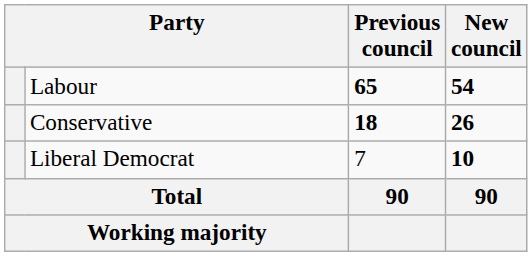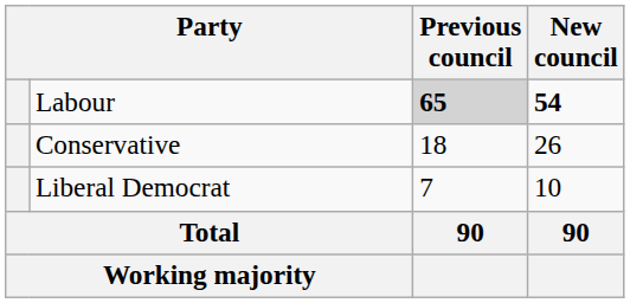 <table class="wikitable">
 <tr>
 <th valign=top colspan="2" style="width: 230px">Party</th>
 <th valign=top style="width: 30px">Previous council</th>
 <th valign=top style="width: 30px">New council</th>
 </tr>
 <tr>
 <th style="background-color: "></th>
 <td>Labour</td>
-<td><strong>65</strong></td>
+<td style="background: lightgrey;"><strong>65</strong></td>
 <td><strong>54</strong></td>
 </tr>
 <tr>
 <th style="background-color: "></th>
 <td>Conservative</td>
-<td><strong>18</strong></td>
-<td><strong>26</strong></td>
+<td>18</td>
+<td>26</td>
 </tr>
 <tr>
 <th style="background-color: "></th>
 <td>Liberal Democrat</td>
 <td>7</td>
-<td><strong>10</strong></td>
+<td>10</td>
 </tr>
 <tr>
 <th colspan=2>Total</th>
 <th style="text-align: center">90</th>
 <th colspan=3>90</th>
 </tr>
 <tr>
 <th colspan=2>Working majority</th>
 <th></th>
 <th></th>
 </tr>
 </table>
